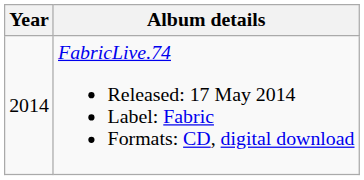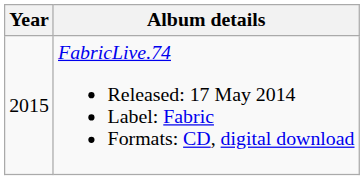 <table class="wikitable">
 <tr>
 <th rowspan="1">Year</th>
 <th rowspan="1">Album details</th>
 </tr>
 <tr>
-<td>2014</td>
+<td>2015</td>
 <td><em><a href='#'>FabricLive.74</a></em><br><ul><li>Released: 17 May 2014</li><li>Label: <a href='#'>Fabric</a></li><li>Formats: <a href='#'>CD</a>, <a href='#'>digital download</a></li></ul></td>
 </tr>
 </table>
